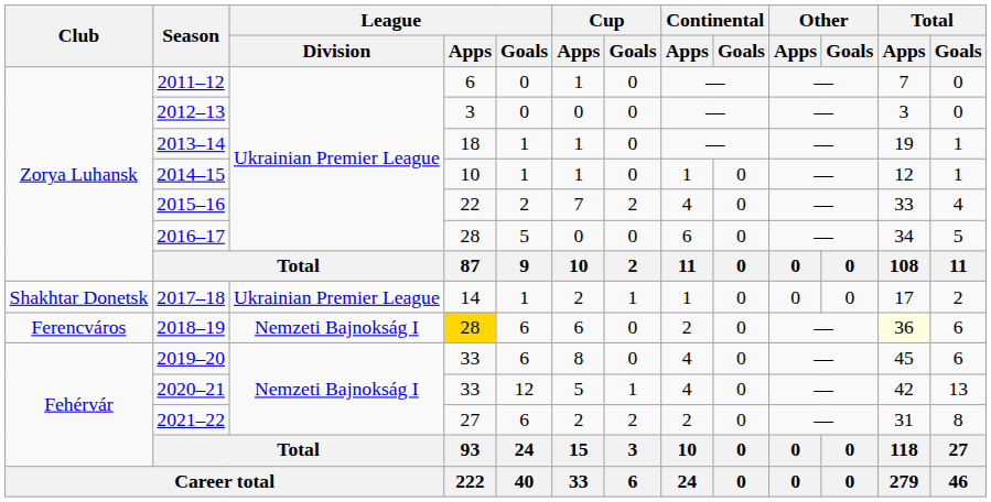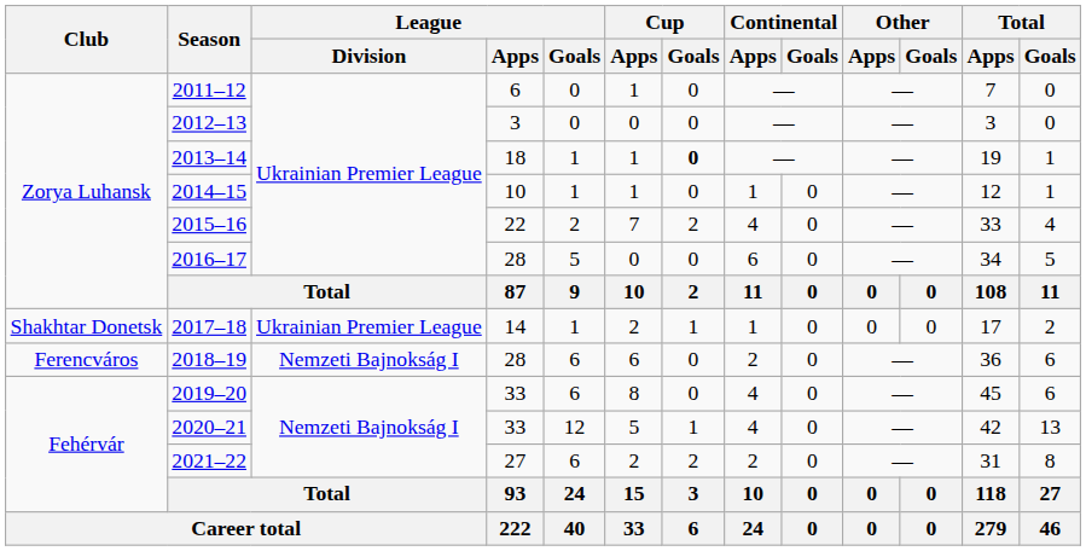 <table class="wikitable" style="text-align:center">
 <tr>
 <th rowspan="2">Club</th>
 <th rowspan="2">Season</th>
 <th colspan="3">League</th>
 <th colspan="2">Cup</th>
 <th colspan="2">Continental</th>
 <th colspan="2">Other</th>
 <th colspan="2">Total</th>
 </tr>
 <tr>
 <th>Division</th>
 <th>Apps</th>
 <th>Goals</th>
 <th>Apps</th>
 <th>Goals</th>
 <th>Apps</th>
 <th>Goals</th>
 <th>Apps</th>
 <th>Goals</th>
 <th>Apps</th>
 <th>Goals</th>
 </tr>
 <tr>
 <td rowspan="7"><a href='#'>Zorya Luhansk</a></td>
 <td><a href='#'>2011–12</a></td>
 <td rowspan="6"><a href='#'>Ukrainian Premier League</a></td>
 <td>6</td>
 <td>0</td>
 <td>1</td>
 <td>0</td>
 <td colspan="2">—</td>
 <td colspan="2">—</td>
 <td>7</td>
 <td>0</td>
 </tr>
 <tr>
 <td><a href='#'>2012–13</a></td>
 <td>3</td>
 <td>0</td>
 <td>0</td>
 <td>0</td>
 <td colspan="2">—</td>
 <td colspan="2">—</td>
 <td>3</td>
 <td>0</td>
 </tr>
 <tr>
 <td><a href='#'>2013–14</a></td>
 <td>18</td>
 <td>1</td>
 <td>1</td>
-<td>0</td>
+<td><strong>0</strong></td>
 <td colspan="2">—</td>
 <td colspan="2">—</td>
 <td>19</td>
 <td>1</td>
 </tr>
 <tr>
 <td><a href='#'>2014–15</a></td>
 <td>10</td>
 <td>1</td>
 <td>1</td>
 <td>0</td>
 <td>1</td>
 <td>0</td>
 <td colspan="2">—</td>
 <td>12</td>
 <td>1</td>
 </tr>
 <tr>
 <td><a href='#'>2015–16</a></td>
 <td>22</td>
 <td>2</td>
 <td>7</td>
 <td>2</td>
 <td>4</td>
 <td>0</td>
 <td colspan="2">—</td>
 <td>33</td>
 <td>4</td>
 </tr>
 <tr>
 <td><a href='#'>2016–17</a></td>
 <td>28</td>
 <td>5</td>
 <td>0</td>
 <td>0</td>
 <td>6</td>
 <td>0</td>
 <td colspan="2">—</td>
 <td>34</td>
 <td>5</td>
 </tr>
 <tr>
 <th colspan="2">Total</th>
 <th>87</th>
 <th>9</th>
 <th>10</th>
 <th>2</th>
 <th>11</th>
 <th>0</th>
 <th>0</th>
 <th>0</th>
 <th>108</th>
 <th>11</th>
 </tr>
 <tr>
 <td><a href='#'>Shakhtar Donetsk</a></td>
 <td><a href='#'>2017–18</a></td>
 <td><a href='#'>Ukrainian Premier League</a></td>
 <td>14</td>
 <td>1</td>
 <td>2</td>
 <td>1</td>
 <td>1</td>
 <td>0</td>
 <td>0</td>
 <td>0</td>
 <td>17</td>
 <td>2</td>
 </tr>
 <tr>
 <td><a href='#'>Ferencváros</a></td>
 <td><a href='#'>2018–19</a></td>
 <td rowspan="1"><a href='#'>Nemzeti Bajnokság I</a></td>
-<td style="background: gold;">28</td>
+<td>28</td>
 <td>6</td>
 <td>6</td>
 <td>0</td>
 <td>2</td>
 <td>0</td>
 <td colspan="2">—</td>
-<td style="background: lightyellow;">36</td>
+<td>36</td>
 <td>6</td>
 </tr>
 <tr>
 <td rowspan="4"><a href='#'>Fehérvár</a></td>
 <td><a href='#'>2019–20</a></td>
 <td rowspan="3"><a href='#'>Nemzeti Bajnokság I</a></td>
 <td>33</td>
 <td>6</td>
 <td>8</td>
 <td>0</td>
 <td>4</td>
 <td>0</td>
 <td colspan="2">—</td>
 <td>45</td>
 <td>6</td>
 </tr>
 <tr>
 <td><a href='#'>2020–21</a></td>
 <td>33</td>
 <td>12</td>
 <td>5</td>
 <td>1</td>
 <td>4</td>
 <td>0</td>
 <td colspan="2">—</td>
 <td>42</td>
 <td>13</td>
 </tr>
 <tr>
 <td><a href='#'>2021–22</a></td>
 <td>27</td>
 <td>6</td>
 <td>2</td>
 <td>2</td>
 <td>2</td>
 <td>0</td>
 <td colspan="2">—</td>
 <td>31</td>
 <td>8</td>
 </tr>
 <tr>
 <th colspan="2">Total</th>
 <th>93</th>
 <th>24</th>
 <th>15</th>
 <th>3</th>
 <th>10</th>
 <th>0</th>
 <th>0</th>
 <th>0</th>
 <th>118</th>
 <th>27</th>
 </tr>
 <tr>
 <th colspan="3">Career total</th>
 <th>222</th>
 <th>40</th>
 <th>33</th>
 <th>6</th>
 <th>24</th>
 <th>0</th>
 <th>0</th>
 <th>0</th>
 <th>279</th>
 <th>46</th>
 </tr>
 </table>
